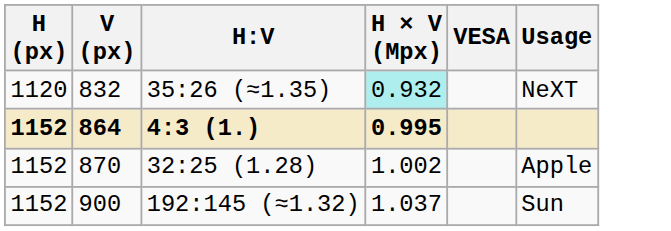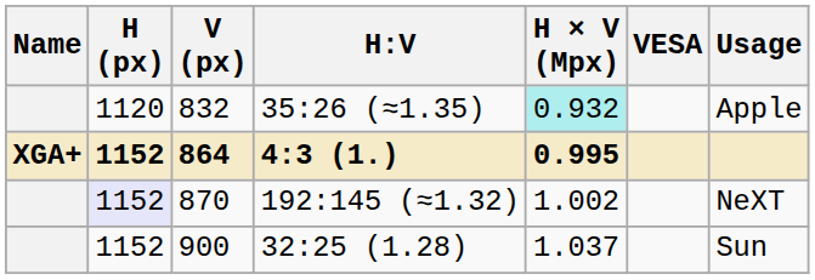 <table class="wikitable floatright sortable">
 <tr>
+<th>Name</th>
 <th>H<br>(px)</th>
 <th>V<br>(px)</th>
 <th data-sort-type="text">H:V<br></th>
 <th>H × V<br>(Mpx)</th>
 <th>VESA</th>
 <th>Usage</th>
 </tr>
 <tr>
+<th></th>
 <td>1120</td>
 <td>832</td>
 <td data-sort-value="1.35">35:26 (≈1.35)</td>
 <td style="background: paleturquoise;">0.932</td>
 <td></td>
-<td>NeXT</td>
+<td>Apple</td>
 </tr>
 <tr style="background-color:#F6EBC9; font-weight: bolder;"|>
+<th style="text-align:left; background-color:#F6EBC9">XGA+</th>
 <td>1152</td>
 <td>864</td>
 <td data-sort-value="1.33">4:3 (1.)</td>
 <td>0.995</td>
 <td></td>
 <td></td>
 </tr>
 <tr>
-<td>1152</td>
+<th></th>
+<td style="background: lavender;">1152</td>
 <td>870</td>
-<td data-sort-value="1.28">32:25 (1.28)</td>
+<td data-sort-value="1.32">192:145 (≈1.32)</td>
 <td>1.002</td>
 <td></td>
-<td>Apple</td>
+<td>NeXT</td>
 </tr>
 <tr>
+<th></th>
 <td>1152</td>
 <td>900</td>
-<td data-sort-value="1.32">192:145 (≈1.32)</td>
+<td data-sort-value="1.28">32:25 (1.28)</td>
 <td>1.037</td>
 <td></td>
 <td>Sun</td>
 </tr>
 </table>
